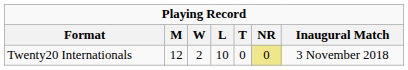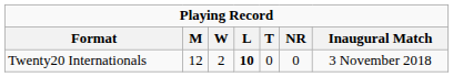 <table class="wikitable" style="text-align: center; width: 500px;">
 <tr>
 <td colspan=7 align="center"><strong>Playing Record</strong></td>
 </tr>
 <tr>
 <th>Format</th>
 <th>M</th>
 <th>W</th>
 <th>L</th>
 <th>T</th>
 <th>NR</th>
 <th>Inaugural Match</th>
 </tr>
 <tr>
 <td align="left">Twenty20 Internationals</td>
 <td>12</td>
 <td>2</td>
-<td>10</td>
+<td><strong>10</strong></td>
 <td>0</td>
-<td style="background: khaki;">0</td>
+<td>0</td>
 <td>3 November 2018</td>
 </tr>
 </table>
